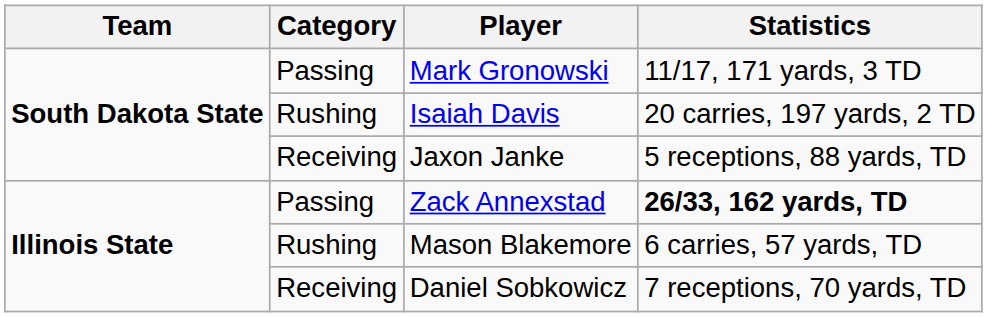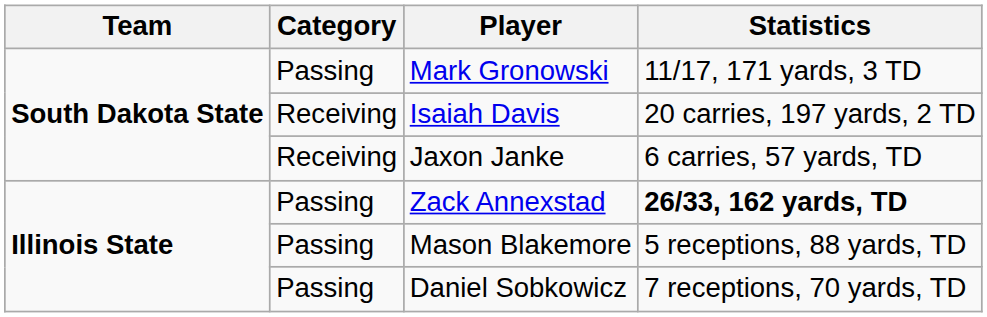 <table class="wikitable" style="float: left;">
 <tr>
 <th>Team</th>
 <th>Category</th>
 <th>Player</th>
 <th>Statistics</th>
 </tr>
 <tr>
 <td rowspan=3><strong>South Dakota State</strong></td>
 <td>Passing</td>
 <td><a href='#'>Mark Gronowski</a></td>
 <td>11/17, 171 yards, 3 TD</td>
 </tr>
 <tr>
-<td>Rushing</td>
+<td>Receiving</td>
 <td><a href='#'>Isaiah Davis</a></td>
 <td>20 carries, 197 yards, 2 TD</td>
 </tr>
 <tr>
 <td>Receiving</td>
 <td>Jaxon Janke</td>
-<td>5 receptions, 88 yards, TD</td>
+<td>6 carries, 57 yards, TD</td>
 </tr>
 <tr>
 <td rowspan=3><strong>Illinois State</strong></td>
 <td>Passing</td>
 <td><a href='#'>Zack Annexstad</a></td>
 <td><strong>26/33, 162 yards, TD</strong></td>
 </tr>
 <tr>
-<td>Rushing</td>
+<td>Passing</td>
 <td>Mason Blakemore</td>
-<td>6 carries, 57 yards, TD</td>
+<td>5 receptions, 88 yards, TD</td>
 </tr>
 <tr>
-<td>Receiving</td>
+<td>Passing</td>
 <td>Daniel Sobkowicz</td>
 <td>7 receptions, 70 yards, TD</td>
 </tr>
 </table>
